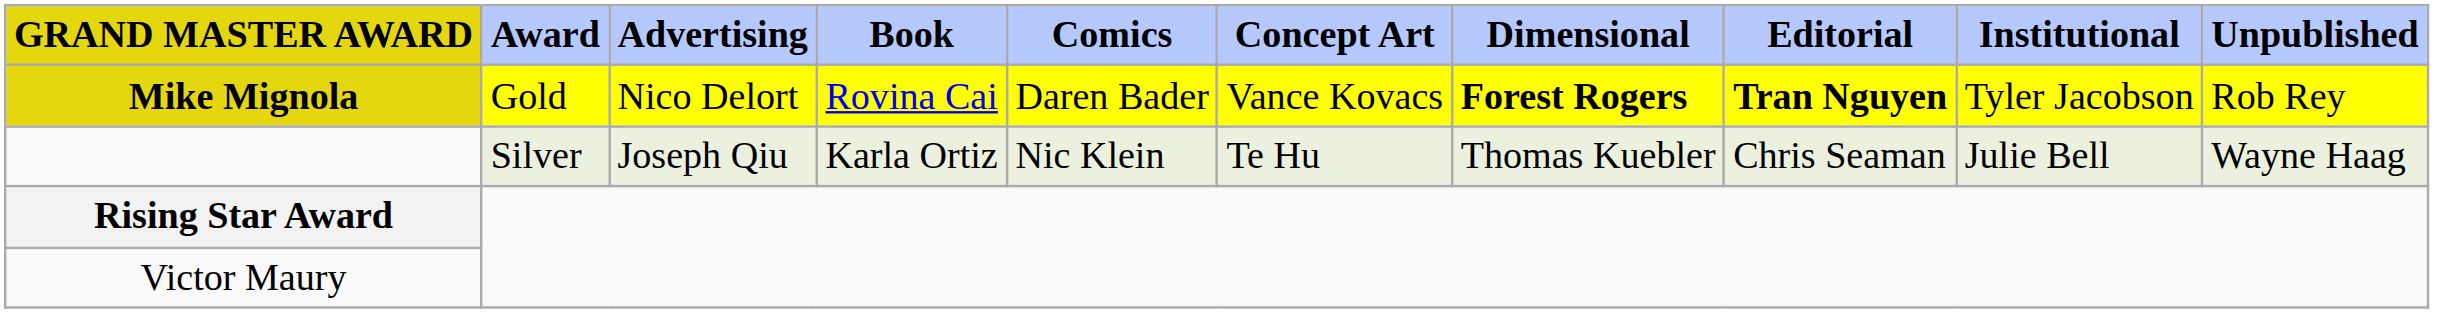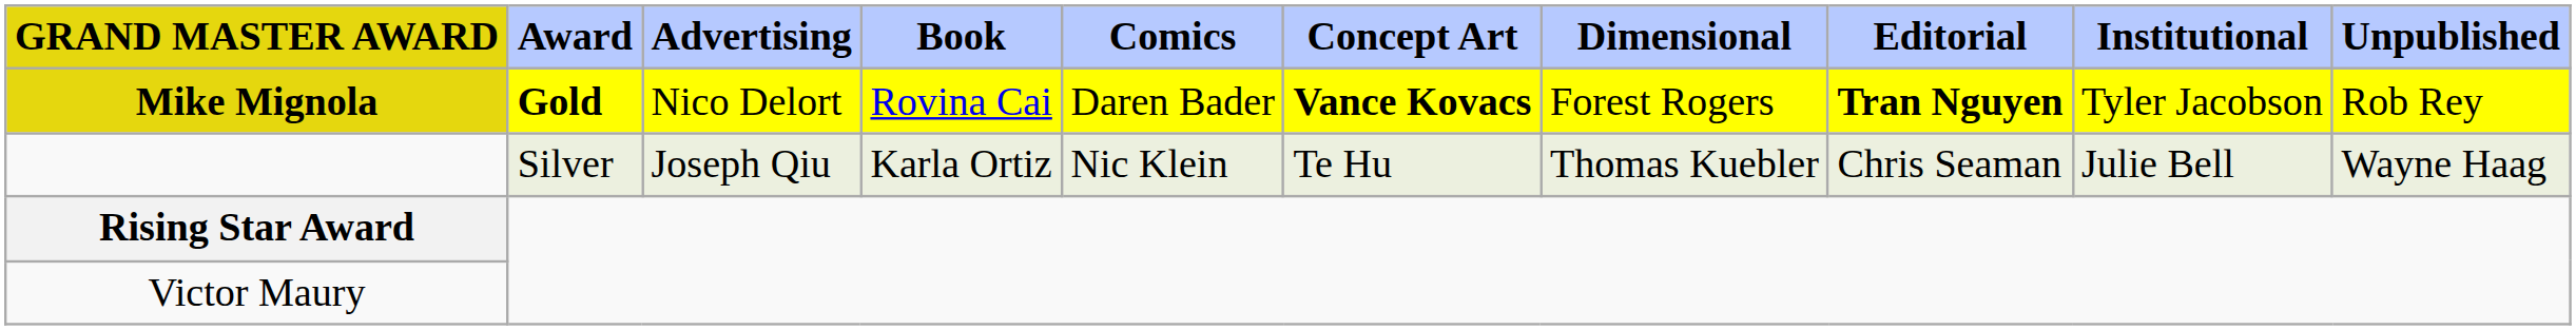 <table class="wikitable">
 <tr>
 <th style="background:#e5d70e">GRAND MASTER AWARD</th>
 <th style="background:#b6c9ff">Award</th>
 <th style="background:#b6c9ff">Advertising</th>
 <th style="background:#b6c9ff">Book</th>
 <th style="background:#b6c9ff">Comics</th>
 <th style="background:#b6c9ff">Concept Art</th>
 <th style="background:#b6c9ff">Dimensional</th>
 <th style="background:#b6c9ff">Editorial</th>
 <th style="background:#b6c9ff">Institutional</th>
 <th style="background:#b6c9ff">Unpublished</th>
 </tr>
 <tr>
 <td style="background:#e5d70e" align="center"><strong>Mike Mignola</strong></td>
-<td style="background:#ffff00">Gold</td>
+<td style="background:#ffff00"><strong>Gold</strong></td>
 <td style="background:#ffff00">Nico Delort</td>
 <td style="background:#ffff00"><a href='#'>Rovina Cai</a></td>
 <td style="background:#ffff00">Daren Bader</td>
-<td style="background:#ffff00">Vance Kovacs</td>
-<td style="background:#ffff00"><strong>Forest Rogers</strong></td>
+<td style="background:#ffff00"><strong>Vance Kovacs</strong></td>
+<td style="background:#ffff00">Forest Rogers</td>
 <td style="background:#ffff00"><strong>Tran Nguyen</strong></td>
 <td style="background:#ffff00">Tyler Jacobson</td>
 <td style="background:#ffff00">Rob Rey</td>
 </tr>
 <tr>
 <td></td>
 <td style="background:#ecf0df">Silver</td>
 <td style="background:#ecf0df">Joseph Qiu</td>
 <td style="background:#ecf0df">Karla Ortiz</td>
 <td style="background:#ecf0df">Nic Klein</td>
 <td style="background:#ecf0df">Te Hu</td>
 <td style="background:#ecf0df">Thomas Kuebler</td>
 <td style="background:#ecf0df">Chris Seaman</td>
 <td style="background:#ecf0df">Julie Bell</td>
 <td style="background:#ecf0df">Wayne Haag</td>
 </tr>
 <tr>
 <th>Rising Star Award</th>
 </tr>
 <tr>
 <td align="center">Victor Maury</td>
 </tr>
 </table>
